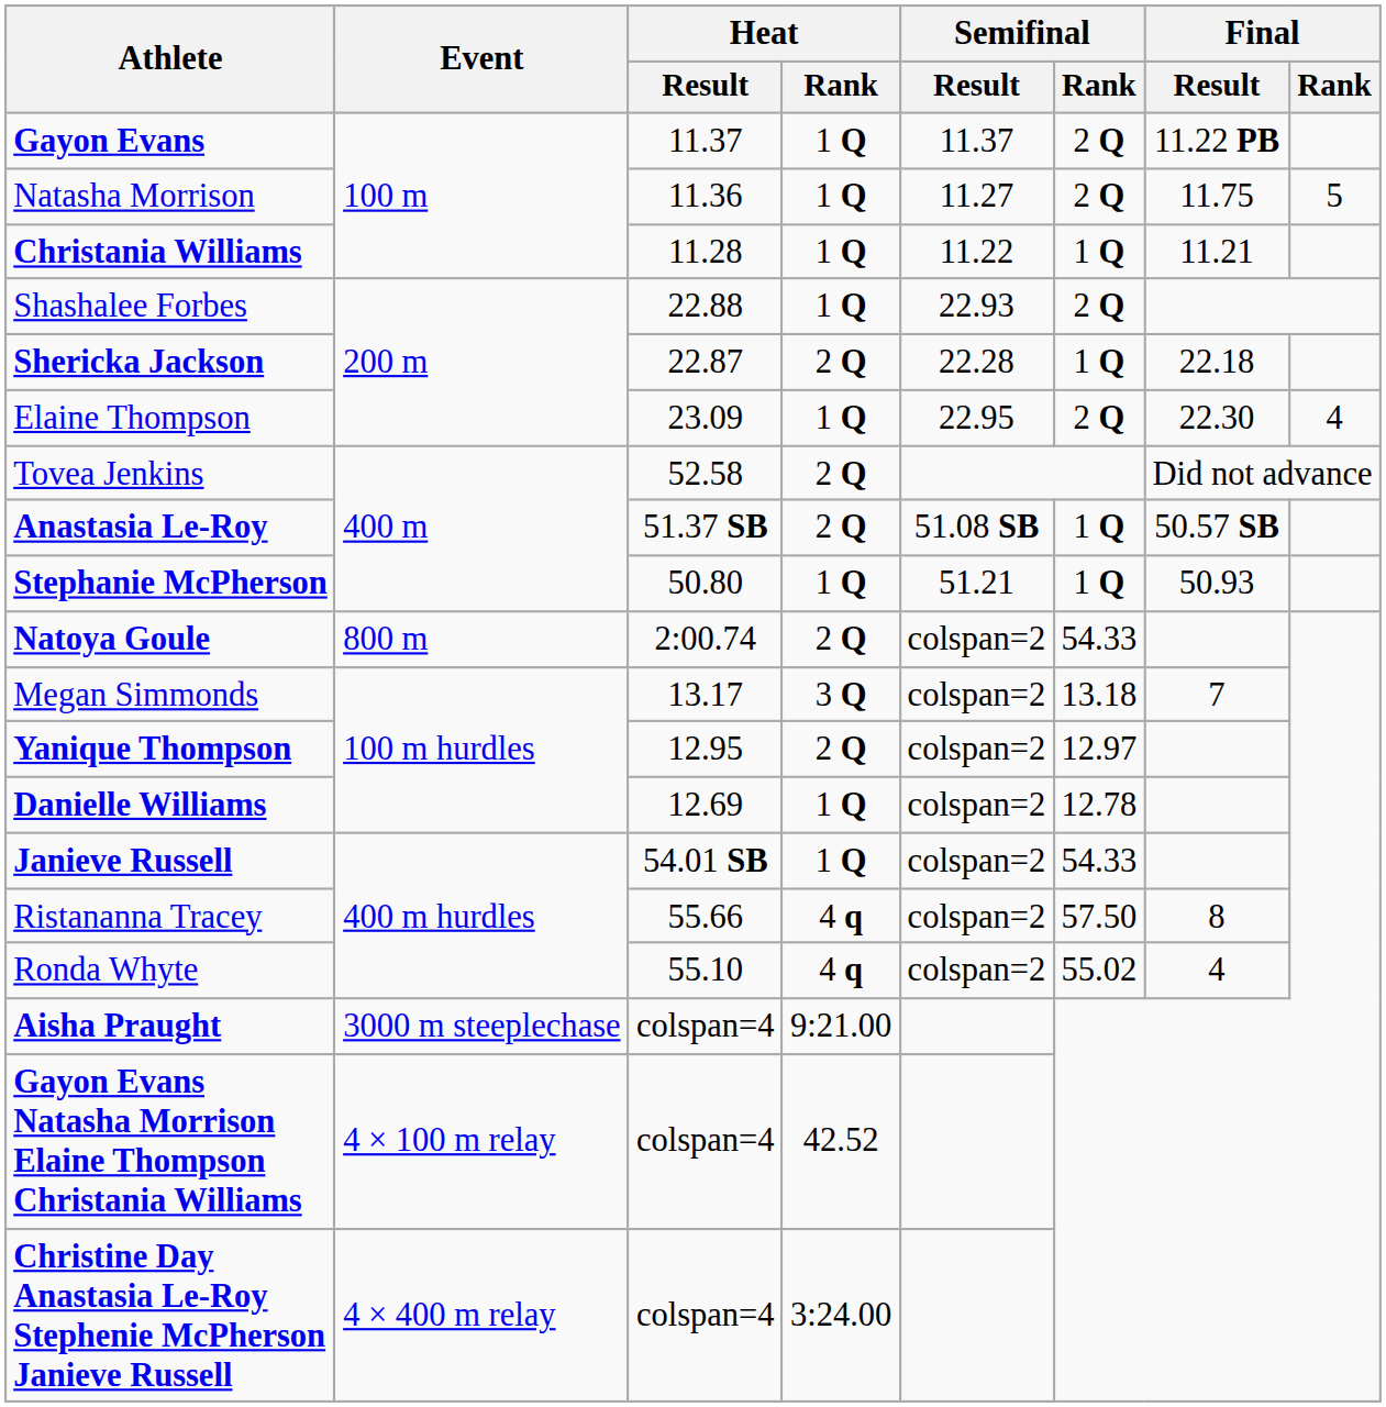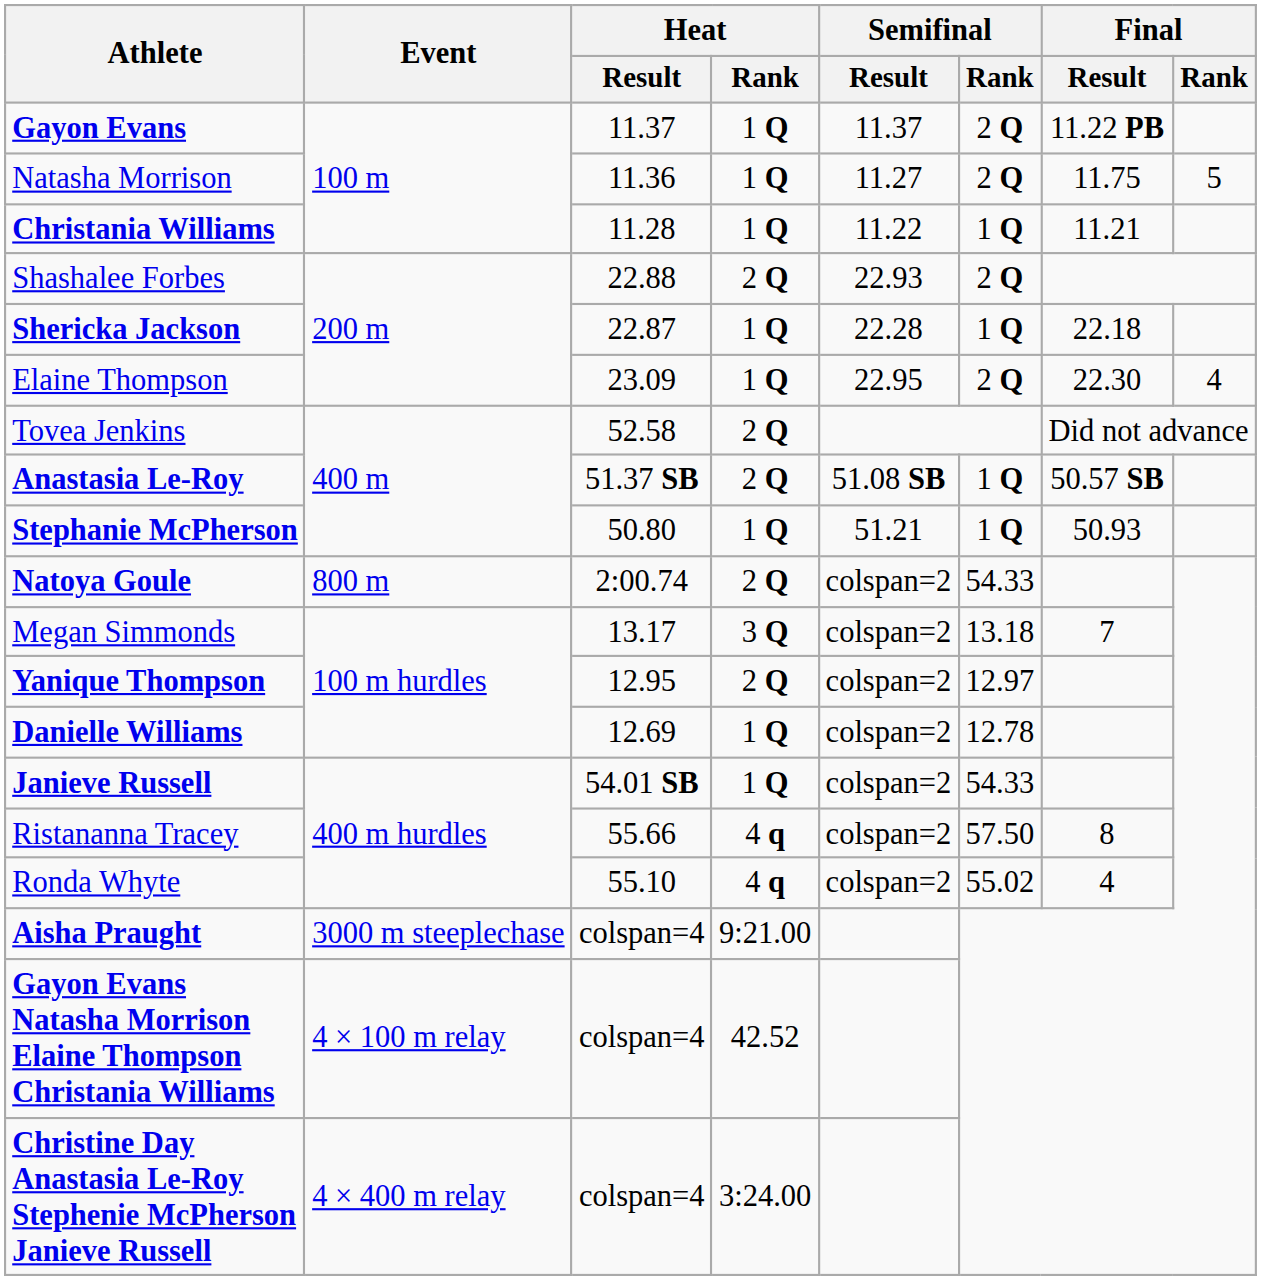 <table class="wikitable" style="font-size:90%">
 <tr>
 <th rowspan=2>Athlete</th>
 <th rowspan=2>Event</th>
 <th colspan=2>Heat</th>
 <th colspan=2>Semifinal</th>
 <th colspan=2>Final</th>
 </tr>
 <tr style="font-size:95%">
 <th>Result</th>
 <th>Rank</th>
 <th>Result</th>
 <th>Rank</th>
 <th>Result</th>
 <th>Rank</th>
 </tr>
 <tr align=center>
 <td align=left><strong><a href='#'>Gayon Evans</a></strong></td>
 <td align=left rowspan=3><a href='#'>100 m</a></td>
 <td>11.37</td>
 <td>1 <strong>Q</strong></td>
 <td>11.37</td>
 <td>2 <strong>Q</strong></td>
 <td>11.22 <strong>PB</strong></td>
 <td></td>
 </tr>
 <tr align=center>
 <td align=left><a href='#'>Natasha Morrison</a></td>
 <td>11.36</td>
 <td>1 <strong>Q</strong></td>
 <td>11.27</td>
 <td>2 <strong>Q</strong></td>
 <td>11.75</td>
 <td>5</td>
 </tr>
 <tr align=center>
 <td align=left><strong><a href='#'>Christania Williams</a></strong></td>
 <td>11.28</td>
 <td>1 <strong>Q</strong></td>
 <td>11.22</td>
 <td>1 <strong>Q</strong></td>
 <td>11.21</td>
 <td></td>
 </tr>
 <tr align=center>
 <td align=left><a href='#'>Shashalee Forbes</a></td>
 <td align=left rowspan=3><a href='#'>200 m</a></td>
 <td>22.88</td>
-<td>1 <strong>Q</strong></td>
+<td>2 <strong>Q</strong></td>
 <td>22.93</td>
 <td>2 <strong>Q</strong></td>
 <td colspan=2></td>
 </tr>
 <tr align=center>
 <td align=left><strong><a href='#'>Shericka Jackson</a></strong></td>
 <td>22.87</td>
-<td>2 <strong>Q</strong></td>
+<td>1 <strong>Q</strong></td>
 <td>22.28</td>
 <td>1 <strong>Q</strong></td>
 <td>22.18</td>
 <td></td>
 </tr>
 <tr align=center>
 <td align=left><a href='#'>Elaine Thompson</a></td>
 <td>23.09</td>
 <td>1 <strong>Q</strong></td>
 <td>22.95</td>
 <td>2 <strong>Q</strong></td>
 <td>22.30</td>
 <td>4</td>
 </tr>
 <tr align=center>
 <td align=left><a href='#'>Tovea Jenkins</a></td>
 <td align=left rowspan=3><a href='#'>400 m</a></td>
 <td>52.58</td>
 <td>2 <strong>Q</strong></td>
 <td colspan=2></td>
 <td colspan=2>Did not advance</td>
 </tr>
 <tr align=center>
 <td align=left><strong><a href='#'>Anastasia Le-Roy</a></strong></td>
 <td>51.37 <strong>SB</strong></td>
 <td>2 <strong>Q</strong></td>
 <td>51.08 <strong>SB</strong></td>
 <td>1 <strong>Q</strong></td>
 <td>50.57 <strong>SB</strong></td>
 <td></td>
 </tr>
 <tr align=center>
 <td align=left><strong><a href='#'>Stephanie McPherson</a></strong></td>
 <td>50.80</td>
 <td>1 <strong>Q</strong></td>
 <td>51.21</td>
 <td>1 <strong>Q</strong></td>
 <td>50.93</td>
 <td></td>
 </tr>
 <tr align=center>
 <td align=left><strong><a href='#'>Natoya Goule</a></strong></td>
 <td align=left><a href='#'>800 m</a></td>
 <td>2:00.74</td>
 <td>2 <strong>Q</strong></td>
 <td>colspan=2 </td>
 <td>54.33</td>
 <td></td>
 </tr>
 <tr align=center>
 <td align=left><a href='#'>Megan Simmonds</a></td>
 <td align=left rowspan=3><a href='#'>100 m hurdles</a></td>
 <td>13.17</td>
 <td>3 <strong>Q</strong></td>
 <td>colspan=2 </td>
 <td>13.18</td>
 <td>7</td>
 </tr>
 <tr align=center>
 <td align=left><strong><a href='#'>Yanique Thompson</a></strong></td>
 <td>12.95</td>
 <td>2 <strong>Q</strong></td>
 <td>colspan=2 </td>
 <td>12.97</td>
 <td></td>
 </tr>
 <tr align=center>
 <td align=left><strong><a href='#'>Danielle Williams</a></strong></td>
 <td>12.69</td>
 <td>1 <strong>Q</strong></td>
 <td>colspan=2 </td>
 <td>12.78</td>
 <td></td>
 </tr>
 <tr align=center>
 <td align=left><strong><a href='#'>Janieve Russell</a></strong></td>
 <td align=left rowspan=3><a href='#'>400 m hurdles</a></td>
 <td>54.01 <strong>SB</strong></td>
 <td>1 <strong>Q</strong></td>
 <td>colspan=2 </td>
 <td>54.33</td>
 <td></td>
 </tr>
 <tr align=center>
 <td align=left><a href='#'>Ristananna Tracey</a></td>
 <td>55.66</td>
 <td>4 <strong>q</strong></td>
 <td>colspan=2 </td>
 <td>57.50</td>
 <td>8</td>
 </tr>
 <tr align=center>
 <td align=left><a href='#'>Ronda Whyte</a></td>
 <td>55.10</td>
 <td>4 <strong>q</strong></td>
 <td>colspan=2 </td>
 <td>55.02</td>
 <td>4</td>
 </tr>
 <tr align=center>
 <td align=left><strong><a href='#'>Aisha Praught</a></strong></td>
 <td align=left><a href='#'>3000 m steeplechase</a></td>
 <td>colspan=4 </td>
 <td>9:21.00</td>
 <td></td>
 </tr>
 <tr align=center>
 <td align=left><strong><a href='#'>Gayon Evans</a><br><a href='#'>Natasha Morrison</a><br><a href='#'>Elaine Thompson</a><br><a href='#'>Christania Williams</a></strong></td>
 <td align=left><a href='#'>4 × 100 m relay</a></td>
 <td>colspan=4 </td>
 <td>42.52</td>
 <td></td>
 </tr>
 <tr align=center>
 <td align=left><strong><a href='#'>Christine Day</a><br><a href='#'>Anastasia Le-Roy</a><br><a href='#'>Stephenie McPherson</a><br><a href='#'>Janieve Russell</a></strong></td>
 <td align=left><a href='#'>4 × 400 m relay</a></td>
 <td>colspan=4 </td>
 <td>3:24.00</td>
 <td></td>
 </tr>
 </table>
